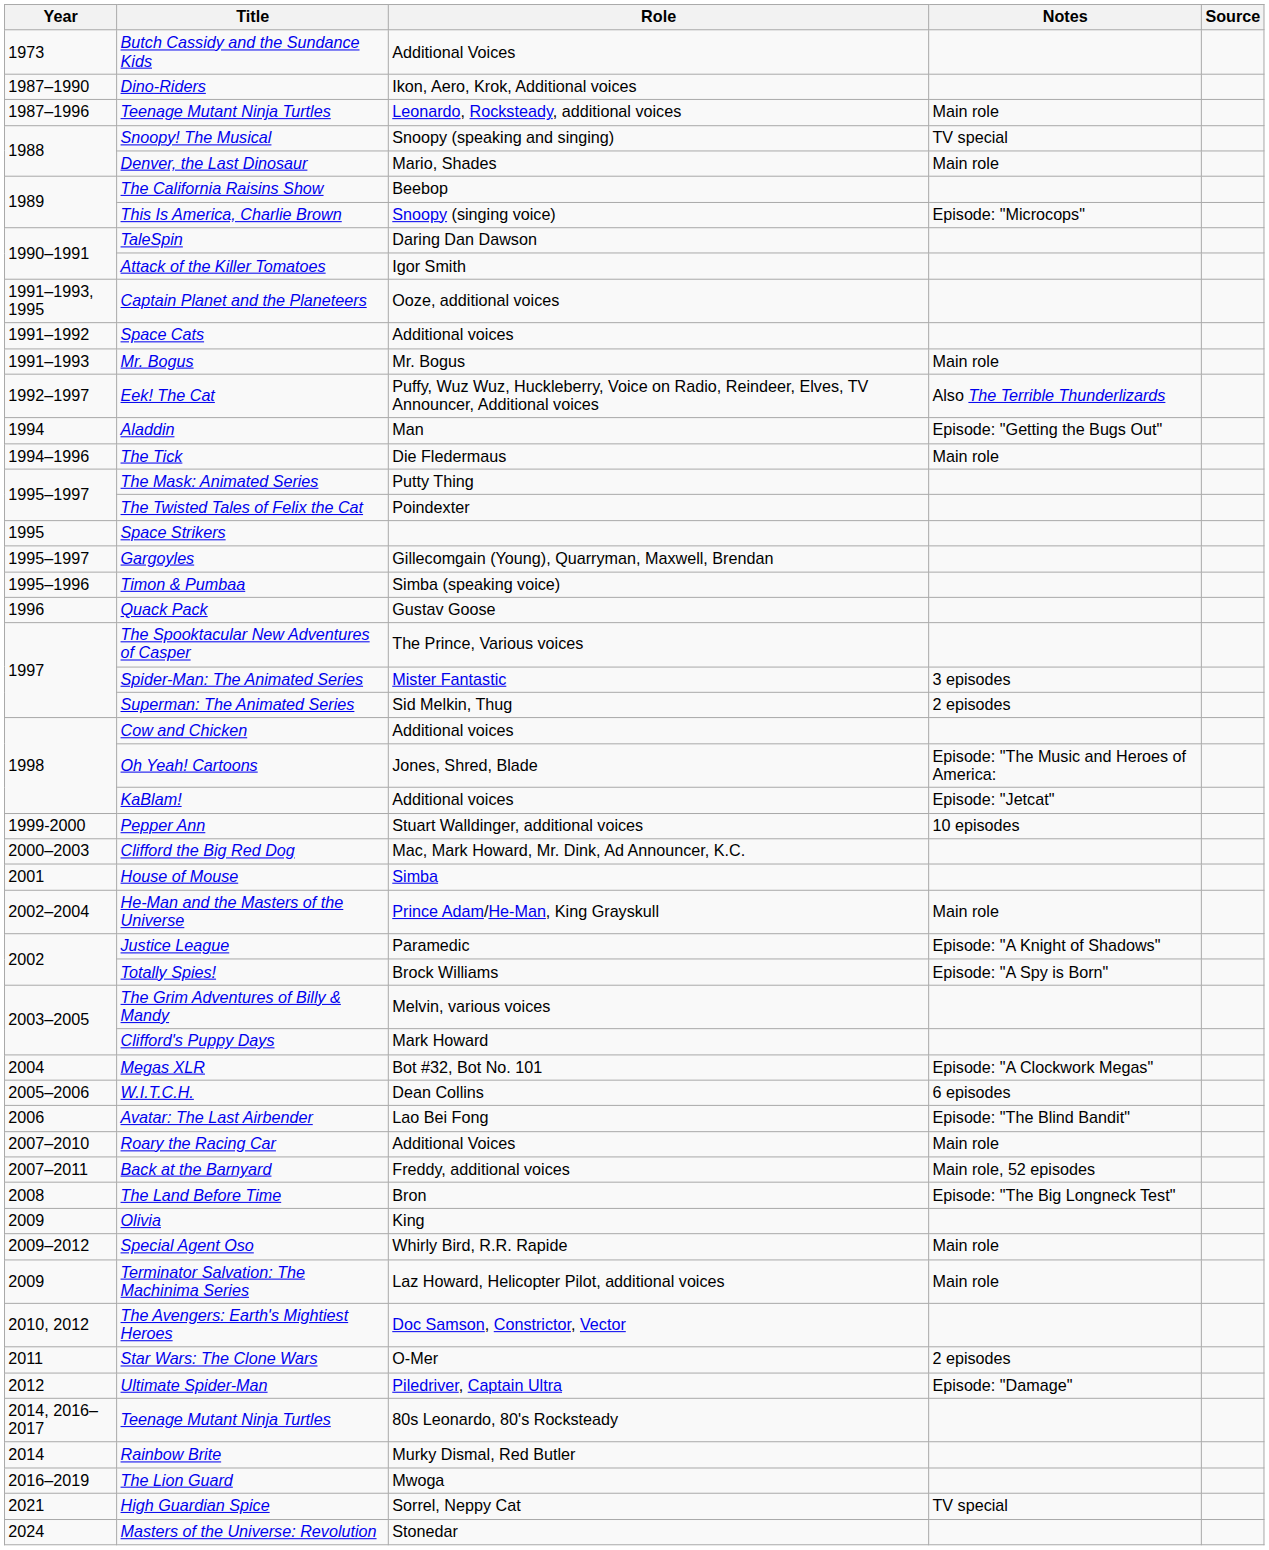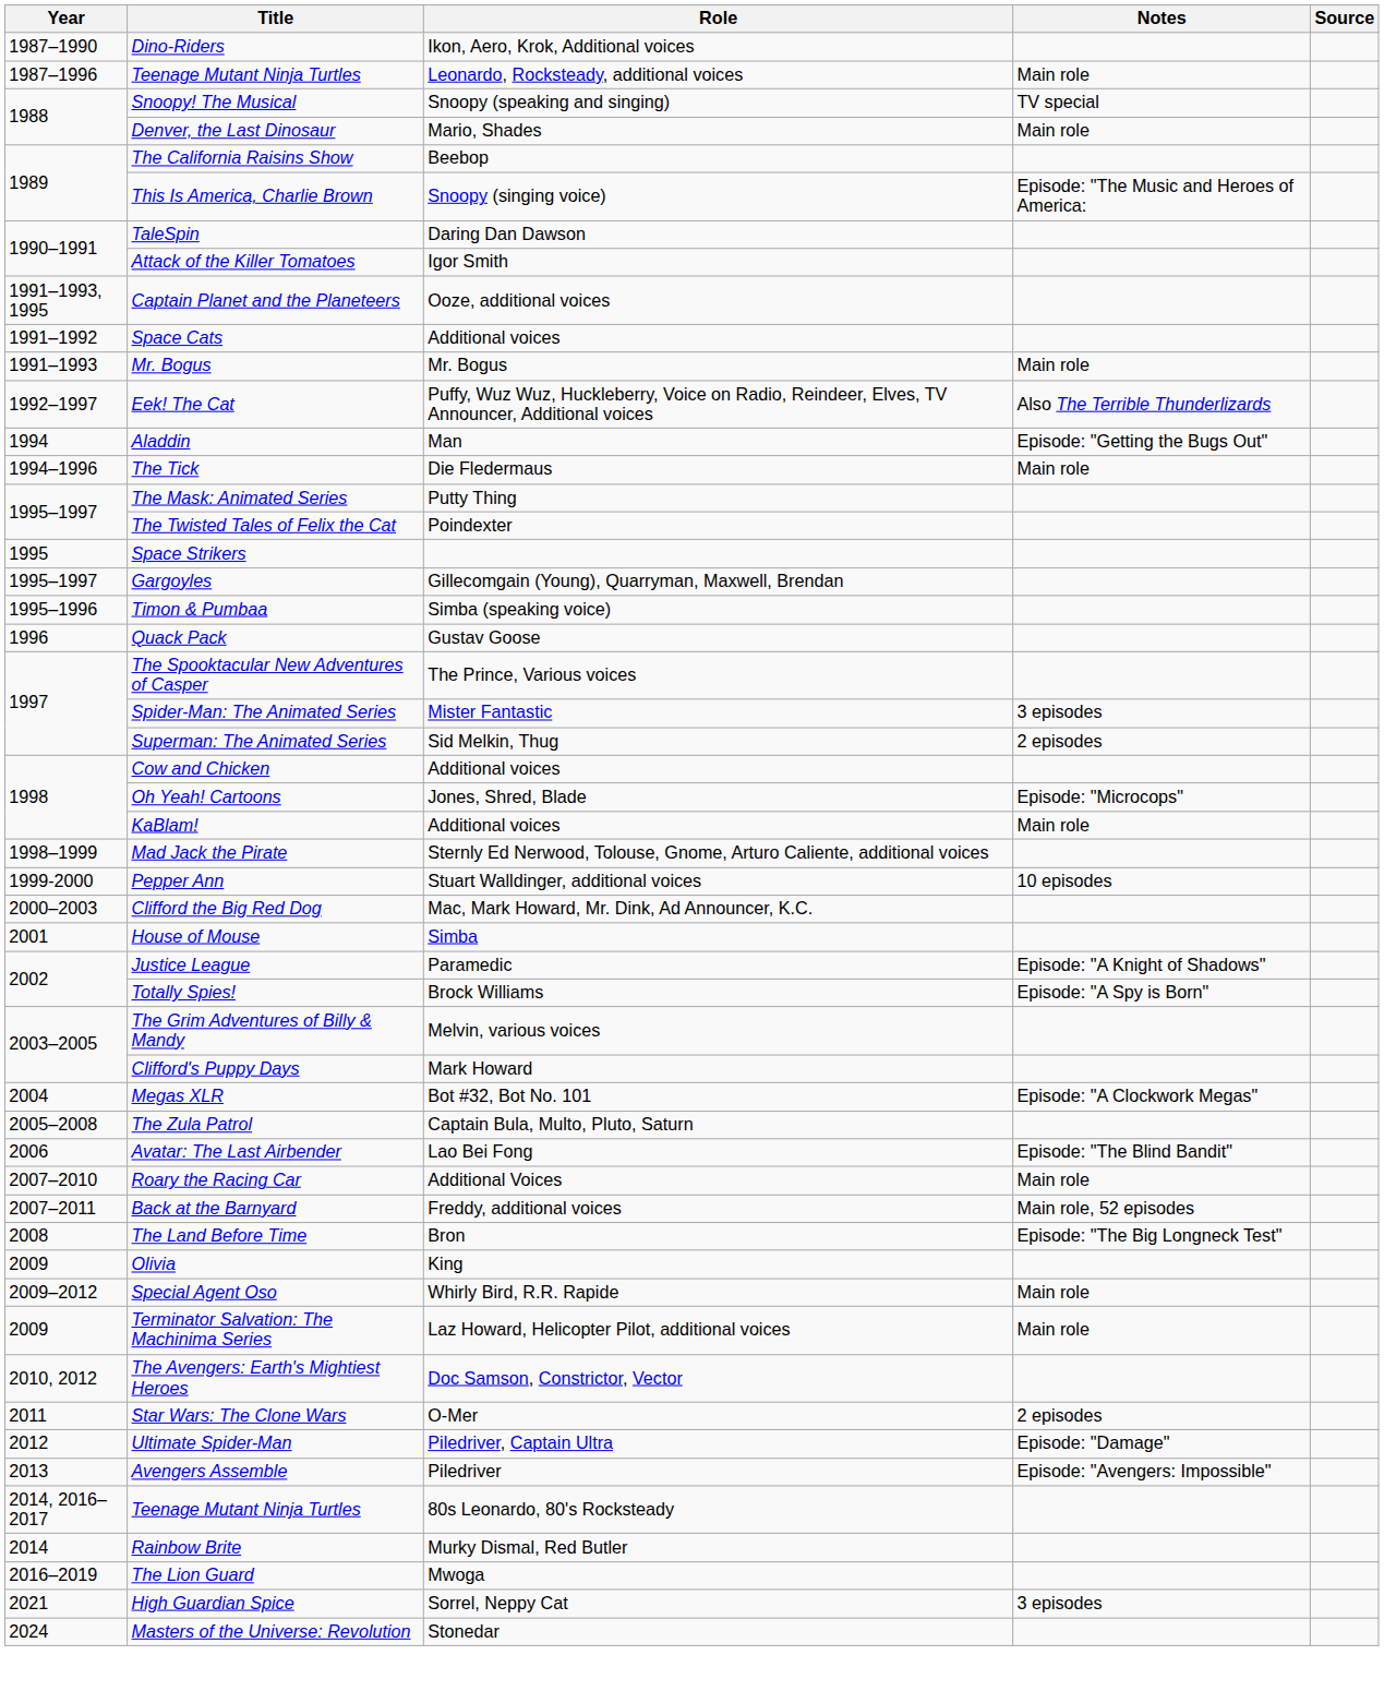 <table class="wikitable">
 <tr>
 <th>Year</th>
 <th>Title</th>
 <th>Role</th>
 <th>Notes</th>
 <th>Source</th>
-</tr>
-<tr>
-<td>1973</td>
-<td><em><a href='#'>Butch Cassidy and the Sundance Kids</a></em></td>
-<td>Additional Voices</td>
-<td></td>
-<td></td>
 </tr>
 <tr>
 <td>1987–1990</td>
 <td><em><a href='#'>Dino-Riders</a></em></td>
 <td>Ikon, Aero, Krok, Additional voices</td>
 <td></td>
 <td></td>
 </tr>
 <tr>
 <td>1987–1996</td>
 <td><em><a href='#'>Teenage Mutant Ninja Turtles</a></em></td>
 <td><a href='#'>Leonardo</a>, <a href='#'>Rocksteady</a>, additional voices</td>
 <td>Main role</td>
 <td></td>
 </tr>
 <tr>
 <td rowspan="2">1988</td>
 <td><em><a href='#'>Snoopy! The Musical</a></em></td>
 <td>Snoopy (speaking and singing)</td>
 <td>TV special</td>
 <td></td>
 </tr>
 <tr>
 <td><em><a href='#'>Denver, the Last Dinosaur</a></em></td>
 <td>Mario, Shades</td>
 <td>Main role</td>
 <td></td>
 </tr>
 <tr>
 <td rowspan=2>1989</td>
 <td><em><a href='#'>The California Raisins Show</a></em></td>
 <td>Beebop</td>
 <td></td>
 <td></td>
 </tr>
 <tr>
 <td><em><a href='#'>This Is America, Charlie Brown</a></em></td>
 <td><a href='#'>Snoopy</a> (singing voice)</td>
-<td>Episode: "Microcops"</td>
+<td>Episode: "The Music and Heroes of America:</td>
 <td></td>
 </tr>
 <tr>
 <td rowspan="2">1990–1991</td>
 <td><em><a href='#'>TaleSpin</a></em></td>
 <td>Daring Dan Dawson</td>
 <td></td>
 <td></td>
 </tr>
 <tr>
 <td><em><a href='#'>Attack of the Killer Tomatoes</a></em></td>
 <td>Igor Smith</td>
 <td></td>
 <td></td>
 </tr>
 <tr>
 <td>1991–1993, 1995</td>
 <td><em><a href='#'>Captain Planet and the Planeteers</a></em></td>
 <td>Ooze, additional voices</td>
 <td></td>
 <td></td>
 </tr>
 <tr>
 <td>1991–1992</td>
 <td><em><a href='#'>Space Cats</a></em></td>
 <td>Additional voices</td>
 <td></td>
 <td></td>
 </tr>
 <tr>
 <td>1991–1993</td>
 <td><em><a href='#'>Mr. Bogus</a></em></td>
 <td>Mr. Bogus</td>
 <td>Main role</td>
 <td></td>
 </tr>
 <tr>
 <td>1992–1997</td>
 <td><em><a href='#'>Eek! The Cat</a></em></td>
 <td>Puffy, Wuz Wuz, Huckleberry, Voice on Radio, Reindeer, Elves, TV Announcer, Additional voices</td>
 <td>Also <em><a href='#'>The Terrible Thunderlizards</a></em></td>
 <td></td>
 </tr>
 <tr>
 <td>1994</td>
 <td><em><a href='#'>Aladdin</a></em></td>
 <td>Man</td>
 <td>Episode: "Getting the Bugs Out"</td>
 <td></td>
 </tr>
 <tr>
 <td>1994–1996</td>
 <td><em><a href='#'>The Tick</a></em></td>
 <td>Die Fledermaus</td>
 <td>Main role</td>
 <td></td>
 </tr>
 <tr>
 <td rowspan=2>1995–1997</td>
 <td><em><a href='#'>The Mask: Animated Series</a></em></td>
 <td>Putty Thing</td>
 <td></td>
 <td></td>
 </tr>
 <tr>
 <td><em><a href='#'>The Twisted Tales of Felix the Cat</a></em></td>
 <td>Poindexter</td>
 <td></td>
 <td></td>
 </tr>
 <tr>
 <td>1995</td>
 <td><em><a href='#'>Space Strikers</a></em></td>
 <td></td>
 <td></td>
 <td></td>
 </tr>
 <tr>
 <td>1995–1997</td>
 <td><em><a href='#'>Gargoyles</a></em></td>
 <td>Gillecomgain (Young), Quarryman, Maxwell, Brendan</td>
 <td></td>
 <td></td>
 </tr>
 <tr>
 <td>1995–1996</td>
 <td><em><a href='#'>Timon & Pumbaa</a></em></td>
 <td>Simba (speaking voice)</td>
 <td></td>
 <td></td>
 </tr>
 <tr>
 <td>1996</td>
 <td><em><a href='#'>Quack Pack</a></em></td>
 <td>Gustav Goose</td>
 <td></td>
 <td></td>
 </tr>
 <tr>
 <td rowspan="3">1997</td>
 <td><em><a href='#'>The Spooktacular New Adventures of Casper</a></em></td>
 <td>The Prince, Various voices</td>
 <td></td>
 <td></td>
 </tr>
 <tr>
 <td><em><a href='#'>Spider-Man: The Animated Series</a></em></td>
 <td><a href='#'>Mister Fantastic</a></td>
 <td>3 episodes</td>
 <td></td>
 </tr>
 <tr>
 <td><em><a href='#'>Superman: The Animated Series</a></em></td>
 <td>Sid Melkin, Thug</td>
 <td>2 episodes</td>
 <td></td>
 </tr>
 <tr>
 <td rowspan="3">1998</td>
 <td><em><a href='#'>Cow and Chicken</a></em></td>
 <td>Additional voices</td>
 <td></td>
 <td></td>
 </tr>
 <tr>
 <td><em><a href='#'>Oh Yeah! Cartoons</a></em></td>
 <td>Jones, Shred, Blade</td>
-<td>Episode: "The Music and Heroes of America:</td>
+<td>Episode: "Microcops"</td>
 <td></td>
 </tr>
 <tr>
 <td><em><a href='#'>KaBlam!</a></em></td>
 <td>Additional voices</td>
-<td>Episode: "Jetcat"</td>
+<td>Main role</td>
+<td></td>
+</tr>
+<tr>
+<td>1998–1999</td>
+<td><em><a href='#'>Mad Jack the Pirate</a></em></td>
+<td>Sternly Ed Nerwood, Tolouse, Gnome, Arturo Caliente, additional voices</td>
+<td></td>
 <td></td>
 </tr>
 <tr>
 <td>1999-2000</td>
 <td><em><a href='#'>Pepper Ann</a></em></td>
 <td>Stuart Walldinger, additional voices</td>
 <td>10 episodes</td>
 <td></td>
 </tr>
 <tr>
 <td>2000–2003</td>
 <td><em><a href='#'>Clifford the Big Red Dog</a></em></td>
 <td>Mac, Mark Howard, Mr. Dink, Ad Announcer, K.C.</td>
 <td></td>
 <td></td>
 </tr>
 <tr>
 <td>2001</td>
 <td><em><a href='#'>House of Mouse</a></em></td>
 <td><a href='#'>Simba</a></td>
 <td></td>
-<td></td>
-</tr>
-<tr>
-<td>2002–2004</td>
-<td><em><a href='#'>He-Man and the Masters of the Universe</a></em></td>
-<td><a href='#'>Prince Adam</a>/<a href='#'>He-Man</a>, King Grayskull</td>
-<td>Main role</td>
 <td></td>
 </tr>
 <tr>
 <td rowspan=2>2002</td>
 <td><em><a href='#'>Justice League</a></em></td>
 <td>Paramedic</td>
 <td>Episode: "A Knight of Shadows"</td>
 <td></td>
 </tr>
 <tr>
 <td><em><a href='#'>Totally Spies!</a></em></td>
 <td>Brock Williams</td>
 <td>Episode: "A Spy is Born"</td>
 <td></td>
 </tr>
 <tr>
 <td rowspan=2>2003–2005</td>
 <td><em><a href='#'>The Grim Adventures of Billy & Mandy</a></em></td>
 <td>Melvin, various voices</td>
 <td></td>
 <td></td>
 </tr>
 <tr>
 <td><em><a href='#'>Clifford's Puppy Days</a></em></td>
 <td>Mark Howard</td>
 <td></td>
 <td></td>
 </tr>
 <tr>
 <td>2004</td>
 <td><em><a href='#'>Megas XLR</a></em></td>
 <td>Bot #32, Bot No. 101</td>
 <td>Episode: "A Clockwork Megas"</td>
 <td></td>
 </tr>
 <tr>
-<td>2005–2006</td>
-<td><em><a href='#'>W.I.T.C.H.</a></em></td>
-<td>Dean Collins</td>
-<td>6 episodes</td>
+<td>2005–2008</td>
+<td><em><a href='#'>The Zula Patrol</a></em></td>
+<td>Captain Bula, Multo, Pluto, Saturn</td>
+<td></td>
 <td></td>
 </tr>
 <tr>
 <td>2006</td>
 <td><em><a href='#'>Avatar: The Last Airbender</a></em></td>
 <td>Lao Bei Fong</td>
 <td>Episode: "The Blind Bandit"</td>
 <td></td>
 </tr>
 <tr>
 <td>2007–2010</td>
 <td><em><a href='#'>Roary the Racing Car</a></em></td>
 <td>Additional Voices</td>
 <td>Main role</td>
 <td></td>
 </tr>
 <tr>
 <td>2007–2011</td>
 <td><em><a href='#'>Back at the Barnyard</a></em></td>
 <td>Freddy, additional voices</td>
 <td>Main role, 52 episodes</td>
 <td></td>
 </tr>
 <tr>
 <td>2008</td>
 <td><em><a href='#'>The Land Before Time</a></em></td>
 <td>Bron</td>
 <td>Episode: "The Big Longneck Test"</td>
 <td></td>
 </tr>
 <tr>
 <td>2009</td>
 <td><em><a href='#'>Olivia</a></em></td>
 <td>King</td>
 <td></td>
 <td></td>
 </tr>
 <tr>
 <td>2009–2012</td>
 <td><em><a href='#'>Special Agent Oso</a></em></td>
 <td>Whirly Bird, R.R. Rapide</td>
 <td>Main role</td>
 <td></td>
 </tr>
 <tr>
 <td>2009</td>
 <td><em><a href='#'>Terminator Salvation: The Machinima Series</a></em></td>
 <td>Laz Howard, Helicopter Pilot, additional voices</td>
 <td>Main role</td>
 <td></td>
 </tr>
 <tr>
 <td>2010, 2012</td>
 <td><em><a href='#'>The Avengers: Earth's Mightiest Heroes</a></em></td>
 <td><a href='#'>Doc Samson</a>, <a href='#'>Constrictor</a>, <a href='#'>Vector</a></td>
 <td></td>
 <td></td>
 </tr>
 <tr>
 <td>2011</td>
 <td><em><a href='#'>Star Wars: The Clone Wars</a></em></td>
 <td>O-Mer</td>
 <td>2 episodes</td>
 <td></td>
 </tr>
 <tr>
 <td>2012</td>
 <td><em><a href='#'>Ultimate Spider-Man</a></em></td>
 <td><a href='#'>Piledriver</a>, <a href='#'>Captain Ultra</a></td>
 <td>Episode: "Damage"</td>
 <td></td>
 </tr>
 <tr>
+<td>2013</td>
+<td><em><a href='#'>Avengers Assemble</a></em></td>
+<td>Piledriver</td>
+<td>Episode: "Avengers: Impossible"</td>
+<td></td>
+</tr>
+<tr>
 <td>2014, 2016–2017</td>
 <td><em><a href='#'>Teenage Mutant Ninja Turtles</a></em></td>
 <td>80s Leonardo, 80's Rocksteady</td>
 <td></td>
 <td></td>
 </tr>
 <tr>
 <td>2014</td>
 <td><em><a href='#'>Rainbow Brite</a></em></td>
 <td>Murky Dismal, Red Butler</td>
 <td></td>
 <td></td>
 </tr>
 <tr>
 <td>2016–2019</td>
 <td><em><a href='#'>The Lion Guard</a></em></td>
 <td>Mwoga</td>
 <td></td>
 <td></td>
 </tr>
 <tr>
 <td>2021</td>
 <td><em><a href='#'>High Guardian Spice</a></em></td>
 <td>Sorrel, Neppy Cat</td>
-<td>TV special</td>
+<td>3 episodes</td>
 <td></td>
 </tr>
 <tr>
 <td>2024</td>
 <td><em><a href='#'>Masters of the Universe: Revolution</a></em></td>
 <td>Stonedar</td>
 <td></td>
 <td></td>
 </tr>
 </table>
